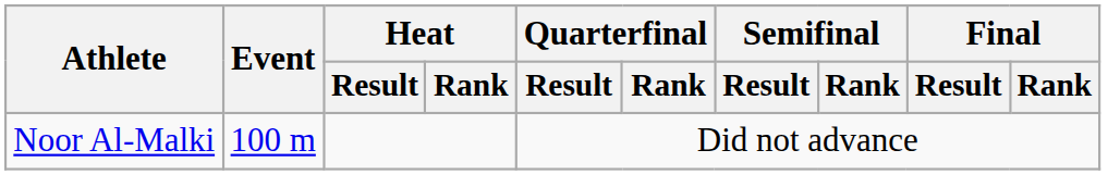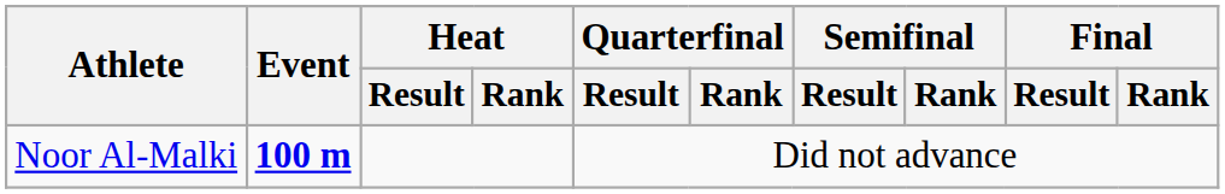 <table class="wikitable" style="font-size:90%">
 <tr>
 <th rowspan="2">Athlete</th>
 <th rowspan="2">Event</th>
 <th colspan="2">Heat</th>
 <th colspan="2">Quarterfinal</th>
 <th colspan="2">Semifinal</th>
 <th colspan="2">Final</th>
 </tr>
 <tr style="font-size:95%">
 <th scope="col">Result</th>
 <th scope="col">Rank</th>
 <th scope="col">Result</th>
 <th scope="col">Rank</th>
 <th scope="col">Result</th>
 <th scope="col">Rank</th>
 <th scope="col">Result</th>
 <th scope="col">Rank</th>
 </tr>
 <tr align=center>
 <td align=left><a href='#'>Noor Al-Malki</a></td>
-<td align=left><a href='#'>100 m</a></td>
+<td align=left><strong><a href='#'>100 m</a></strong></td>
 <td colspan=2></td>
 <td colspan=6>Did not advance</td>
 </tr>
 </table>
